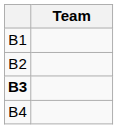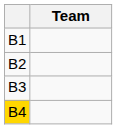 <table class="wikitable" style="display:inline-table;float:left;">
 <tr>
 <th></th>
 <th width=80>Team</th>
 </tr>
 <tr>
 <td align=center>B1</td>
 <td></td>
 </tr>
 <tr>
 <td align=center>B2</td>
 <td></td>
 </tr>
 <tr>
-<td align=center><strong>B3</strong></td>
+<td align=center>B3</td>
 <td></td>
 </tr>
 <tr>
-<td align=center>B4</td>
+<td align=center style="background: gold;">B4</td>
 <td></td>
 </tr>
 </table>
